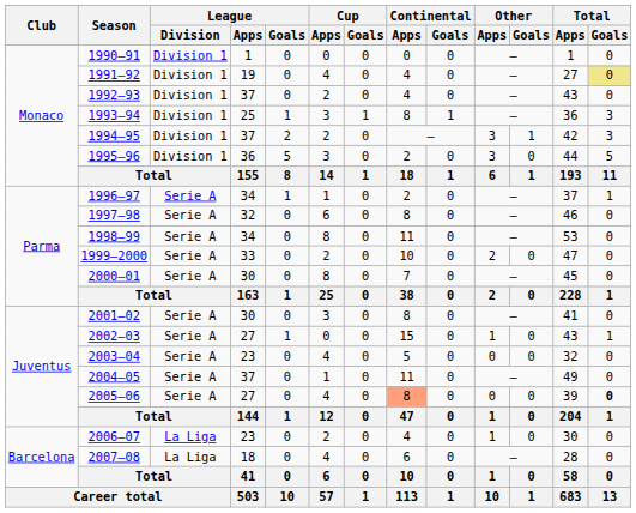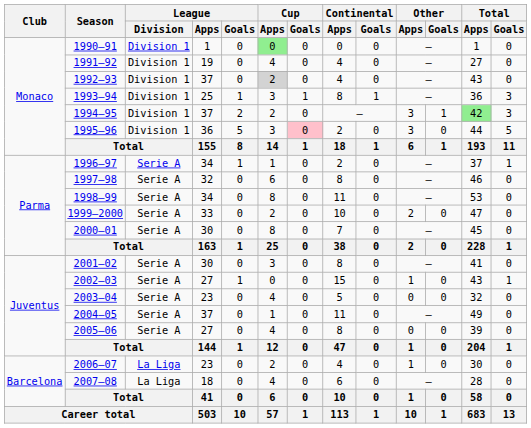 <table class="wikitable" style="text-align:center">
 <tr>
 <th rowspan="2">Club</th>
 <th rowspan="2">Season</th>
 <th colspan="3">League</th>
 <th colspan="2">Cup</th>
 <th colspan="2">Continental</th>
 <th colspan="2">Other</th>
 <th colspan="2">Total</th>
 </tr>
 <tr>
 <th>Division</th>
 <th>Apps</th>
 <th>Goals</th>
 <th>Apps</th>
 <th>Goals</th>
 <th>Apps</th>
 <th>Goals</th>
 <th>Apps</th>
 <th>Goals</th>
 <th>Apps</th>
 <th>Goals</th>
 </tr>
 <tr>
 <td rowspan="7"><a href='#'>Monaco</a></td>
 <td><a href='#'>1990–91</a></td>
 <td><a href='#'>Division 1</a></td>
 <td>1</td>
 <td>0</td>
-<td>0</td>
+<td style="background: lightgreen;">0</td>
 <td>0</td>
 <td>0</td>
 <td>0</td>
 <td colspan="2">—</td>
 <td>1</td>
 <td>0</td>
 </tr>
 <tr>
 <td><a href='#'>1991–92</a></td>
 <td>Division 1</td>
 <td>19</td>
 <td>0</td>
 <td>4</td>
 <td>0</td>
 <td>4</td>
 <td>0</td>
 <td colspan="2">—</td>
 <td>27</td>
-<td style="background: khaki;">0</td>
+<td>0</td>
 </tr>
 <tr>
 <td><a href='#'>1992–93</a></td>
 <td>Division 1</td>
 <td>37</td>
 <td>0</td>
-<td>2</td>
+<td style="background: lightgrey;">2</td>
 <td>0</td>
 <td>4</td>
 <td>0</td>
 <td colspan="2">—</td>
 <td>43</td>
 <td>0</td>
 </tr>
 <tr>
 <td><a href='#'>1993–94</a></td>
 <td>Division 1</td>
 <td>25</td>
 <td>1</td>
 <td>3</td>
 <td>1</td>
 <td>8</td>
 <td>1</td>
 <td colspan="2">—</td>
 <td>36</td>
 <td>3</td>
 </tr>
 <tr>
 <td><a href='#'>1994–95</a></td>
 <td>Division 1</td>
 <td>37</td>
 <td>2</td>
 <td>2</td>
 <td>0</td>
 <td colspan="2">—</td>
 <td>3</td>
 <td>1</td>
-<td>42</td>
+<td style="background: lightgreen;">42</td>
 <td>3</td>
 </tr>
 <tr>
 <td><a href='#'>1995–96</a></td>
 <td>Division 1</td>
 <td>36</td>
 <td>5</td>
 <td>3</td>
-<td>0</td>
+<td style="background: pink;">0</td>
 <td>2</td>
 <td>0</td>
 <td>3</td>
 <td>0</td>
 <td>44</td>
 <td>5</td>
 </tr>
 <tr>
 <th colspan="2">Total</th>
 <th>155</th>
 <th>8</th>
 <th>14</th>
 <th>1</th>
 <th>18</th>
 <th>1</th>
 <th>6</th>
 <th>1</th>
 <th>193</th>
 <th>11</th>
 </tr>
 <tr>
 <td rowspan="6"><a href='#'>Parma</a></td>
 <td><a href='#'>1996–97</a></td>
 <td><a href='#'>Serie A</a></td>
 <td>34</td>
 <td>1</td>
 <td>1</td>
 <td>0</td>
 <td>2</td>
 <td>0</td>
 <td colspan="2">—</td>
 <td>37</td>
 <td>1</td>
 </tr>
 <tr>
 <td><a href='#'>1997–98</a></td>
 <td>Serie A</td>
 <td>32</td>
 <td>0</td>
 <td>6</td>
 <td>0</td>
 <td>8</td>
 <td>0</td>
 <td colspan="2">—</td>
 <td>46</td>
 <td>0</td>
 </tr>
 <tr>
 <td><a href='#'>1998–99</a></td>
 <td>Serie A</td>
 <td>34</td>
 <td>0</td>
 <td>8</td>
 <td>0</td>
 <td>11</td>
 <td>0</td>
 <td colspan="2">—</td>
 <td>53</td>
 <td>0</td>
 </tr>
 <tr>
 <td><a href='#'>1999–2000</a></td>
 <td>Serie A</td>
 <td>33</td>
 <td>0</td>
 <td>2</td>
 <td>0</td>
 <td>10</td>
 <td>0</td>
 <td>2</td>
 <td>0</td>
 <td>47</td>
 <td>0</td>
 </tr>
 <tr>
 <td><a href='#'>2000–01</a></td>
 <td>Serie A</td>
 <td>30</td>
 <td>0</td>
 <td>8</td>
 <td>0</td>
 <td>7</td>
 <td>0</td>
 <td colspan="2">—</td>
 <td>45</td>
 <td>0</td>
 </tr>
 <tr>
 <th colspan="2">Total</th>
 <th>163</th>
 <th>1</th>
 <th>25</th>
 <th>0</th>
 <th>38</th>
 <th>0</th>
 <th>2</th>
 <th>0</th>
 <th>228</th>
 <th>1</th>
 </tr>
 <tr>
 <td rowspan="6"><a href='#'>Juventus</a></td>
 <td><a href='#'>2001–02</a></td>
 <td>Serie A</td>
 <td>30</td>
 <td>0</td>
 <td>3</td>
 <td>0</td>
 <td>8</td>
 <td>0</td>
 <td colspan="2">—</td>
 <td>41</td>
 <td>0</td>
 </tr>
 <tr>
 <td><a href='#'>2002–03</a></td>
 <td>Serie A</td>
 <td>27</td>
 <td>1</td>
 <td>0</td>
 <td>0</td>
 <td>15</td>
 <td>0</td>
 <td>1</td>
 <td>0</td>
 <td>43</td>
 <td>1</td>
 </tr>
 <tr>
 <td><a href='#'>2003–04</a></td>
 <td>Serie A</td>
 <td>23</td>
 <td>0</td>
 <td>4</td>
 <td>0</td>
 <td>5</td>
 <td>0</td>
 <td>0</td>
 <td>0</td>
 <td>32</td>
 <td>0</td>
 </tr>
 <tr>
 <td><a href='#'>2004–05</a></td>
 <td>Serie A</td>
 <td>37</td>
 <td>0</td>
 <td>1</td>
 <td>0</td>
 <td>11</td>
 <td>0</td>
 <td colspan="2">—</td>
 <td>49</td>
 <td>0</td>
 </tr>
 <tr>
 <td><a href='#'>2005–06</a></td>
 <td>Serie A</td>
 <td>27</td>
 <td>0</td>
 <td>4</td>
 <td>0</td>
-<td style="background: lightsalmon;">8</td>
+<td>8</td>
 <td>0</td>
 <td>0</td>
 <td>0</td>
 <td>39</td>
-<td><strong>0</strong></td>
+<td>0</td>
 </tr>
 <tr>
 <th colspan="2">Total</th>
 <th>144</th>
 <th>1</th>
 <th>12</th>
 <th>0</th>
 <th>47</th>
 <th>0</th>
 <th>1</th>
 <th>0</th>
 <th>204</th>
 <th>1</th>
 </tr>
 <tr>
 <td rowspan="3"><a href='#'>Barcelona</a></td>
 <td><a href='#'>2006–07</a></td>
 <td><a href='#'>La Liga</a></td>
 <td>23</td>
 <td>0</td>
 <td>2</td>
 <td>0</td>
 <td>4</td>
 <td>0</td>
 <td>1</td>
 <td>0</td>
 <td>30</td>
 <td>0</td>
 </tr>
 <tr>
 <td><a href='#'>2007–08</a></td>
 <td>La Liga</td>
 <td>18</td>
 <td>0</td>
 <td>4</td>
 <td>0</td>
 <td>6</td>
 <td>0</td>
 <td colspan="2">—</td>
 <td>28</td>
 <td>0</td>
 </tr>
 <tr>
 <th colspan="2">Total</th>
 <th>41</th>
 <th>0</th>
 <th>6</th>
 <th>0</th>
 <th>10</th>
 <th>0</th>
 <th>1</th>
 <th>0</th>
 <th>58</th>
 <th>0</th>
 </tr>
 <tr>
 <th colspan="3">Career total</th>
 <th>503</th>
 <th>10</th>
 <th>57</th>
 <th>1</th>
 <th>113</th>
 <th>1</th>
 <th>10</th>
 <th>1</th>
 <th>683</th>
 <th>13</th>
 </tr>
 </table>
